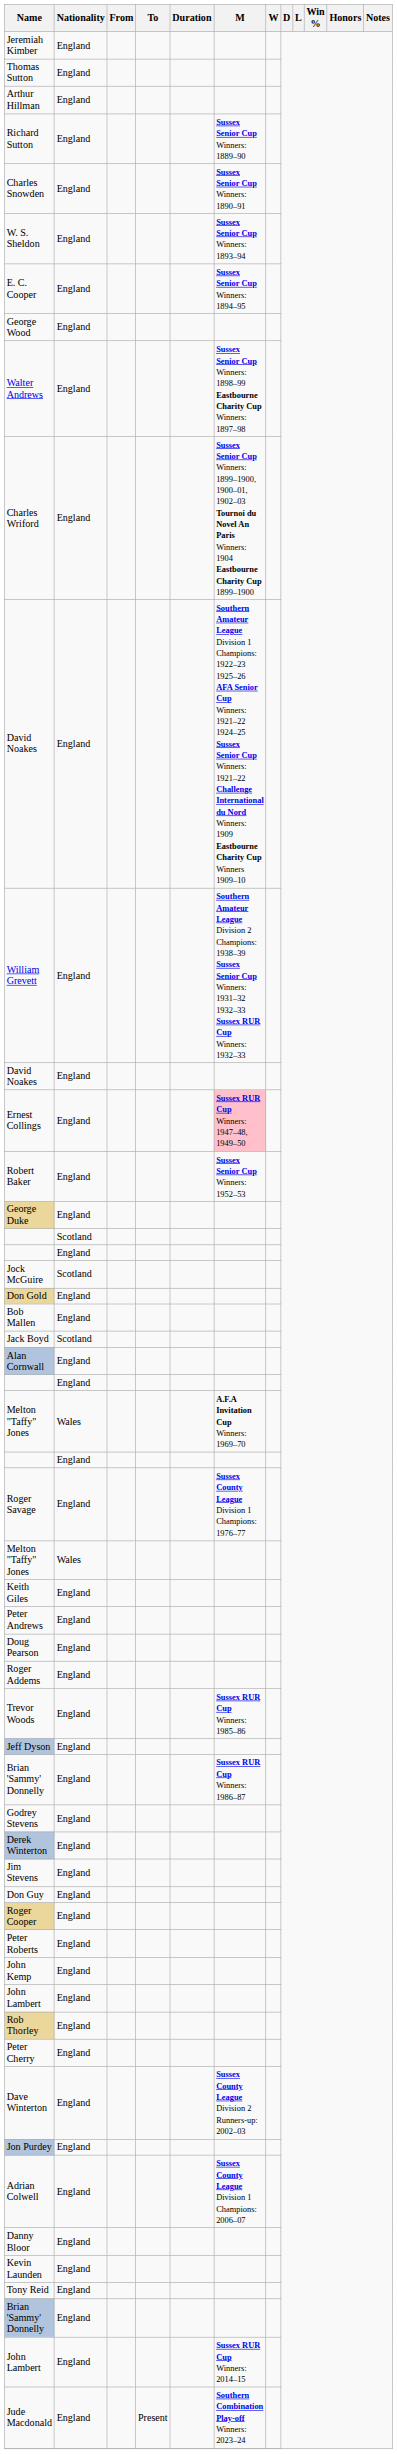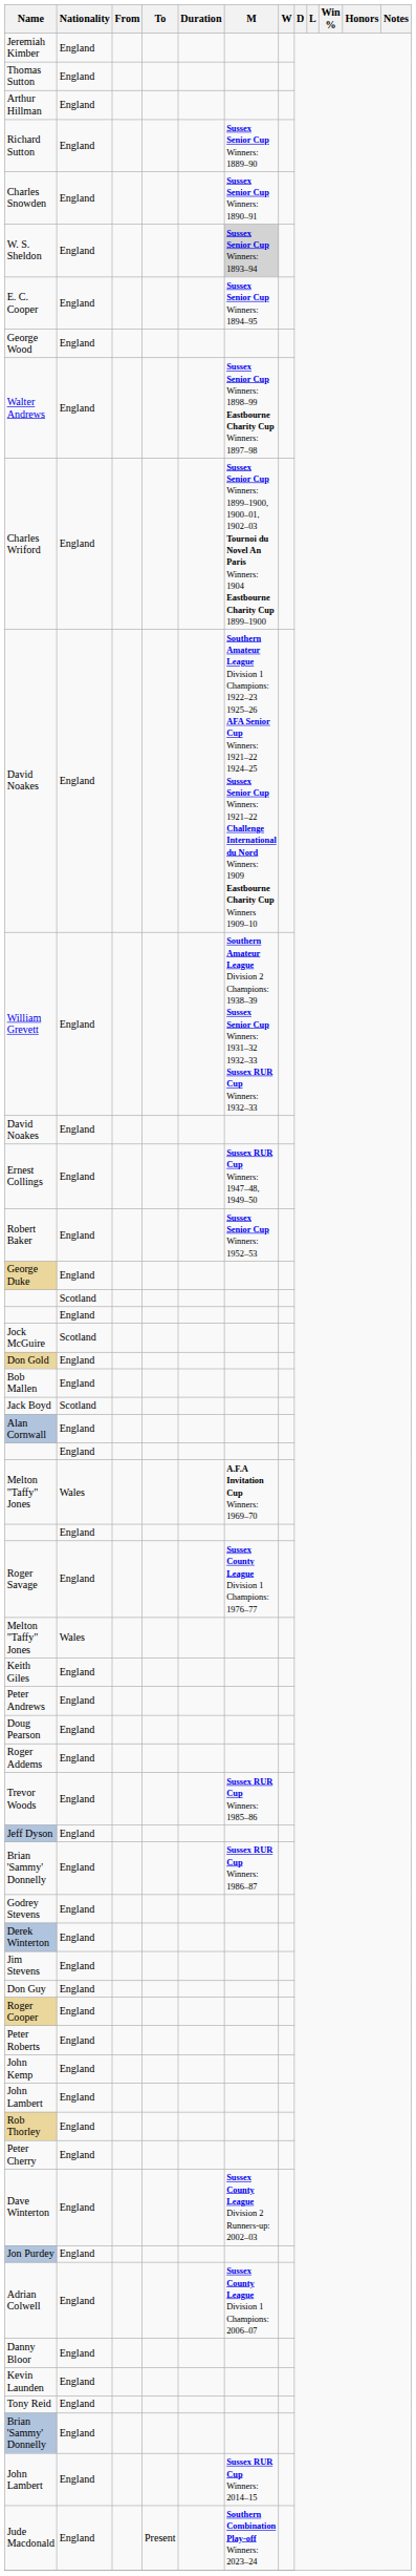 <table class="wikitable sortable" style="text-align: left">
 <tr>
 <th scope=col>Name</th>
 <th scope=col>Nationality</th>
 <th scope=col>From</th>
 <th scope=col class="unsortable">To</th>
 <th scope=col>Duration</th>
 <th scope=col>M</th>
 <th scope=col>W</th>
 <th scope=col>D</th>
 <th scope=col>L</th>
 <th scope=col>Win %</th>
 <th scope=col class="unsortable">Honors</th>
 <th scope=col class="unsortable">Notes</th>
 </tr>
 <tr>
 <td scope=row align="left">Jeremiah Kimber</td>
 <td align="left"> England</td>
 <td align="left"></td>
 <td align="left"></td>
 <td align="center"><br></td>
 <td></td>
 <td></td>
 </tr>
 <tr>
 <td scope=row align="left">Thomas Sutton</td>
 <td align="left"> England</td>
 <td align="left"></td>
 <td align="left"></td>
 <td align="center"><br></td>
 <td></td>
 <td></td>
 </tr>
 <tr>
 <td scope=row align="left">Arthur Hillman</td>
 <td align="left"> England</td>
 <td align="left"></td>
 <td align="left"></td>
 <td align="center"><br></td>
 <td></td>
 <td></td>
 </tr>
 <tr>
 <td scope=row align="left">Richard Sutton</td>
 <td align="left"> England</td>
 <td align="left"></td>
 <td align="left"></td>
 <td align="center"><br></td>
 <td><small><strong><a href='#'>Sussex Senior Cup</a></strong> Winners: 1889–90</small></td>
 <td></td>
 </tr>
 <tr>
 <td scope=row align="left">Charles Snowden</td>
 <td align="left"> England</td>
 <td align="left"></td>
 <td align="left"></td>
 <td align="center"><br></td>
 <td><small><strong><a href='#'>Sussex Senior Cup</a></strong> Winners: 1890–91</small></td>
 <td></td>
 </tr>
 <tr>
 <td scope=row align="left">W. S. Sheldon</td>
 <td align="left"> England</td>
 <td align="left"></td>
 <td align="left"></td>
 <td align="center"><br></td>
-<td><small><strong><a href='#'>Sussex Senior Cup</a></strong> Winners: 1893–94</small></td>
+<td style="background: lightgrey;"><small><strong><a href='#'>Sussex Senior Cup</a></strong> Winners: 1893–94</small></td>
 <td></td>
 </tr>
 <tr>
 <td scope=row align="left">E. C. Cooper</td>
 <td align="left"> England</td>
 <td align="left"></td>
 <td align="left"></td>
 <td align="center"><br></td>
 <td><small><strong><a href='#'>Sussex Senior Cup</a></strong> Winners: 1894–95</small></td>
 <td></td>
 </tr>
 <tr>
 <td scope=row align="left">George Wood</td>
 <td align="left"> England</td>
 <td align="left"></td>
 <td align="left"></td>
 <td align="center"><br></td>
 <td></td>
 <td></td>
 </tr>
 <tr>
 <td scope=row align="left"><a href='#'>Walter Andrews</a></td>
 <td align="left"> England</td>
 <td align="left"></td>
 <td align="left"></td>
 <td align="center"><br></td>
 <td><small><strong><a href='#'>Sussex Senior Cup</a></strong> Winners: 1898–99<br><strong>Eastbourne Charity Cup</strong> Winners: 1897–98</small></td>
 <td></td>
 </tr>
 <tr>
 <td scope=row align="left">Charles Wriford</td>
 <td align="left"> England</td>
 <td align="left"></td>
 <td align="left"></td>
 <td align="center"><br></td>
 <td><small><strong><a href='#'>Sussex Senior Cup</a></strong> Winners: 1899–1900, 1900–01, 1902–03<br><strong>Tournoi du Novel An Paris</strong> Winners: 1904<br><strong>Eastbourne Charity Cup</strong> 1899–1900</small></td>
 <td></td>
 </tr>
 <tr>
 <td scope=row align="left">David Noakes</td>
 <td align="left"> England</td>
 <td align="left"></td>
 <td align="left"></td>
 <td align="center"><br></td>
 <td><small><strong><a href='#'>Southern Amateur League</a></strong> Division 1 Champions: 1922–23 1925–26 <br><strong><a href='#'>AFA Senior Cup</a></strong> Winners: 1921–22 1924–25 <br><strong><a href='#'>Sussex Senior Cup</a></strong> Winners: 1921–22<br><strong><a href='#'>Challenge International du Nord</a></strong> Winners: 1909<br><strong>Eastbourne Charity Cup</strong> Winners 1909–10</small></td>
 <td></td>
 </tr>
 <tr>
 <td scope=row align="left"><a href='#'>William Grevett</a></td>
 <td align="left"> England</td>
 <td align="left"></td>
 <td align="left"></td>
 <td align="center"><br></td>
 <td><small><strong><a href='#'>Southern Amateur League</a></strong> Division 2 Champions: 1938–39 <br><strong><a href='#'>Sussex Senior Cup</a></strong> Winners: 1931–32 1932–33<br><strong><a href='#'>Sussex RUR Cup</a></strong> Winners: 1932–33</small></td>
 <td></td>
 </tr>
 <tr>
 <td scope=row align="left">David Noakes</td>
 <td align="left"> England</td>
 <td align="left"></td>
 <td align="left"></td>
 <td align="center"><br></td>
 <td></td>
 <td></td>
 </tr>
 <tr>
 <td scope=row align="left">Ernest Collings</td>
 <td align="left"> England</td>
 <td align="left"></td>
 <td align="left"></td>
 <td align="center"><br></td>
-<td style="background: pink;"><small><strong><a href='#'>Sussex RUR Cup</a></strong> Winners: 1947–48, 1949–50</small></td>
+<td><small><strong><a href='#'>Sussex RUR Cup</a></strong> Winners: 1947–48, 1949–50</small></td>
 <td></td>
 </tr>
 <tr>
 <td scope=row align="left">Robert Baker</td>
 <td align="left"> England</td>
 <td align="left"></td>
 <td align="left"></td>
 <td align="center"><br></td>
 <td><small><strong><a href='#'>Sussex Senior Cup</a></strong> Winners: 1952–53</small></td>
 <td></td>
 </tr>
 <tr>
 <td scope=row align="left" style=background:#EBD79B>George Duke </td>
 <td align="left"> England</td>
 <td align="left"></td>
 <td align="left"></td>
 <td align="center"><br></td>
 <td align="center"></td>
 <td></td>
 </tr>
 <tr>
 <td scope=row align="left"></td>
 <td align="left"> Scotland</td>
 <td align="left"></td>
 <td align="left"></td>
 <td align="center"><br></td>
 <td align="center"></td>
 <td></td>
 </tr>
 <tr>
 <td scope=row align="left"></td>
 <td align="left"> England</td>
 <td align="left"></td>
 <td align="left"></td>
 <td align="center"><br></td>
 <td align="center"></td>
 <td></td>
 </tr>
 <tr>
 <td scope=row align="left">Jock McGuire</td>
 <td align="left"> Scotland</td>
 <td align="left"></td>
 <td align="left"></td>
 <td align="center"><br></td>
 <td></td>
 <td></td>
 </tr>
 <tr>
 <td scope=row align="left" style=background:#EBD79B>Don Gold </td>
 <td align="left"> England</td>
 <td align="left"></td>
 <td align="left"></td>
 <td align="center"><br></td>
 <td align="center"></td>
 <td></td>
 </tr>
 <tr>
 <td scope=row align="left">Bob Mallen</td>
 <td align="left"> England</td>
 <td align="left"></td>
 <td align="left"></td>
 <td align="center"><br></td>
 <td align="center"></td>
 <td></td>
 </tr>
 <tr>
 <td scope=row align="left">Jack Boyd</td>
 <td align="left"> Scotland</td>
 <td align="left"></td>
 <td align="left"></td>
 <td align="center"><br></td>
 <td align="center"></td>
 <td></td>
 </tr>
 <tr>
 <td scope=row align="left" style=background:#B0C4DE>Alan Cornwall </td>
 <td align="left"> England</td>
 <td align="left"></td>
 <td align="left"></td>
 <td align="center"><br></td>
 <td align="center"></td>
 <td></td>
 </tr>
 <tr>
 <td scope=row align="left"></td>
 <td align="left"> England</td>
 <td align="left"></td>
 <td align="left"></td>
 <td align="center"><br></td>
 <td align="center"></td>
 <td></td>
 </tr>
 <tr>
 <td scope=row align="left">Melton "Taffy" Jones</td>
 <td align="left"> Wales</td>
 <td align="left"></td>
 <td align="left"></td>
 <td align="center"><br></td>
 <td><small><strong>A.F.A Invitation Cup</strong> Winners: 1969–70</small></td>
 <td></td>
 </tr>
 <tr>
 <td scope=row align="left"></td>
 <td align="left"> England</td>
 <td align="left"></td>
 <td align="left"></td>
 <td align="center"><br></td>
 <td align="center"></td>
 <td></td>
 </tr>
 <tr>
 <td scope=row align="left">Roger Savage</td>
 <td align="left"> England</td>
 <td align="left"></td>
 <td align="left"></td>
 <td align="center"><br></td>
 <td><small><strong><a href='#'>Sussex County League</a></strong> Division 1 Champions: 1976–77</small></td>
 <td></td>
 </tr>
 <tr>
 <td scope=row align="left">Melton "Taffy" Jones</td>
 <td align="left"> Wales</td>
 <td align="left"></td>
 <td align="left"></td>
 <td align="center"><br></td>
 <td></td>
 <td></td>
 </tr>
 <tr>
 <td scope=row align="left">Keith Giles</td>
 <td align="left"> England</td>
 <td align="left"></td>
 <td align="left"></td>
 <td align="center"><br></td>
 <td></td>
 <td></td>
 </tr>
 <tr>
 <td scope=row align="left">Peter Andrews</td>
 <td align="left"> England</td>
 <td align="left"></td>
 <td align="left"></td>
 <td align="center"><br></td>
 <td align="center"></td>
 <td></td>
 </tr>
 <tr>
 <td scope=row align="left">Doug Pearson</td>
 <td align="left"> England</td>
 <td align="left"></td>
 <td align="left"></td>
 <td align="center"><br></td>
 <td align="center"></td>
 <td></td>
 </tr>
 <tr>
 <td scope=row align="left">Roger Addems</td>
 <td align="left"> England</td>
 <td align="left"></td>
 <td align="left"></td>
 <td align="center"><br></td>
 <td align="center"></td>
 <td></td>
 </tr>
 <tr>
 <td scope=row align="left">Trevor Woods</td>
 <td align="left"> England</td>
 <td align="left"></td>
 <td align="left"></td>
 <td align="center"><br></td>
 <td><small><strong><a href='#'>Sussex RUR Cup</a></strong> Winners: 1985–86</small></td>
 <td></td>
 </tr>
 <tr>
 <td scope=row align="left" style=background:#B0C4DE>Jeff Dyson </td>
 <td align="left"> England</td>
 <td align="left"></td>
 <td align="left"></td>
 <td align="center"><br></td>
 <td align="center"></td>
 <td></td>
 </tr>
 <tr>
 <td scope=row align="left">Brian 'Sammy' Donnelly</td>
 <td align="left"> England</td>
 <td align="left"></td>
 <td align="left"></td>
 <td align="center"><br></td>
 <td><small><strong><a href='#'>Sussex RUR Cup</a></strong> Winners: 1986–87</small></td>
 <td></td>
 </tr>
 <tr>
 <td scope=row align="left">Godrey Stevens</td>
 <td align="left"> England</td>
 <td align="left"></td>
 <td align="left"></td>
 <td align="center"><br></td>
 <td align="center"></td>
 <td></td>
 </tr>
 <tr>
 <td scope=row align="left" style=background:#B0C4DE>Derek Winterton </td>
 <td align="left"> England</td>
 <td align="left"></td>
 <td align="left"></td>
 <td align="center"><br></td>
 <td align="center"></td>
 <td></td>
 </tr>
 <tr>
 <td scope=row align="left">Jim Stevens</td>
 <td align="left"> England</td>
 <td align="left"></td>
 <td align="left"></td>
 <td align="center"><br></td>
 <td align="center"></td>
 <td></td>
 </tr>
 <tr>
 <td scope=row align="left">Don Guy</td>
 <td align="left"> England</td>
 <td align="left"></td>
 <td align="left"></td>
 <td align="center"><br></td>
 <td align="center"></td>
 <td></td>
 </tr>
 <tr>
 <td scope=row align="left" style=background:#EBD79B>Roger Cooper </td>
 <td align="left"> England</td>
 <td align="left"></td>
 <td align="left"></td>
 <td align="center"><br></td>
 <td align="center"></td>
 <td></td>
 </tr>
 <tr>
 <td scope=row align="left">Peter Roberts</td>
 <td align="left"> England</td>
 <td align="left"></td>
 <td align="left"></td>
 <td align="center"><br></td>
 <td align="center"></td>
 <td></td>
 </tr>
 <tr>
 <td scope=row align="left">John Kemp</td>
 <td align="left"> England</td>
 <td align="left"></td>
 <td align="left"></td>
 <td align="center"><br></td>
 <td align="center"></td>
 <td></td>
 </tr>
 <tr>
 <td scope=row align="left">John Lambert</td>
 <td align="left"> England</td>
 <td align="left"></td>
 <td align="left"></td>
 <td align="center"><br></td>
 <td align="center"></td>
 <td></td>
 </tr>
 <tr>
 <td scope=row align="left" style=background:#EBD79B>Rob Thorley </td>
 <td align="left"> England</td>
 <td align="left"></td>
 <td align="left"></td>
 <td align="center"><br></td>
 <td align="center"></td>
 <td></td>
 </tr>
 <tr>
 <td scope=row align="left">Peter Cherry</td>
 <td align="left"> England</td>
 <td align="left"></td>
 <td align="left"></td>
 <td align="center"><br></td>
 <td align="center"></td>
 <td></td>
 </tr>
 <tr>
 <td scope=row align="left">Dave Winterton</td>
 <td align="left"> England</td>
 <td align="left"></td>
 <td align="left"></td>
 <td align="center"><br></td>
 <td><small><strong><a href='#'>Sussex County League</a></strong> Division 2 Runners-up: 2002–03</small></td>
 <td></td>
 </tr>
 <tr>
 <td scope=row align="left" style=background:#B0C4DE>Jon Purdey </td>
 <td align="left"> England</td>
 <td align="left"></td>
 <td align="left"></td>
 <td align="center"><br></td>
 <td align="center"></td>
 <td></td>
 </tr>
 <tr>
 <td scope=row align="left">Adrian Colwell</td>
 <td align="left"> England</td>
 <td align="left"></td>
 <td align="left"></td>
 <td align="center"><br></td>
 <td><small><strong><a href='#'>Sussex County League</a></strong> Division 1 Champions: 2006–07</small></td>
 <td></td>
 </tr>
 <tr>
 <td scope=row align="left">Danny Bloor</td>
 <td align="left"> England</td>
 <td align="left"></td>
 <td align="left"></td>
 <td align="center"><br></td>
 <td></td>
 <td></td>
 </tr>
 <tr>
 <td scope=row align="left">Kevin Launden</td>
 <td align="left"> England</td>
 <td align="left"></td>
 <td align="left"></td>
 <td align="center"><br></td>
 <td align="center"></td>
 <td></td>
 </tr>
 <tr>
 <td scope=row align="left">Tony Reid</td>
 <td align="left"> England</td>
 <td align="left"></td>
 <td align="left"></td>
 <td align="center"><br></td>
 <td align="center"></td>
 <td></td>
 </tr>
 <tr>
 <td scope=row align="left" style=background:#B0C4DE>Brian 'Sammy' Donnelly </td>
 <td align="left"> England</td>
 <td align="left"></td>
 <td align="left"></td>
 <td align="center"><br></td>
 <td align="center"></td>
 <td></td>
 </tr>
 <tr>
 <td scope=row align="left">John Lambert </td>
 <td align="left"> England</td>
 <td align="left"></td>
 <td align="left"></td>
 <td align="center"><br></td>
 <td><small><strong><a href='#'>Sussex RUR Cup</a></strong> Winners: 2014–15 </small></td>
 <td></td>
 </tr>
 <tr>
 <td scope=row align="left">Jude Macdonald</td>
 <td align="left"> England</td>
 <td align="left"></td>
 <td align="left">Present</td>
 <td align="center"><br></td>
 <td><small><strong><a href='#'>Southern Combination Play-off</a></strong> Winners: 2023–24</small></td>
 <td></td>
 </tr>
 <tr>
 </tr>
 </table>
